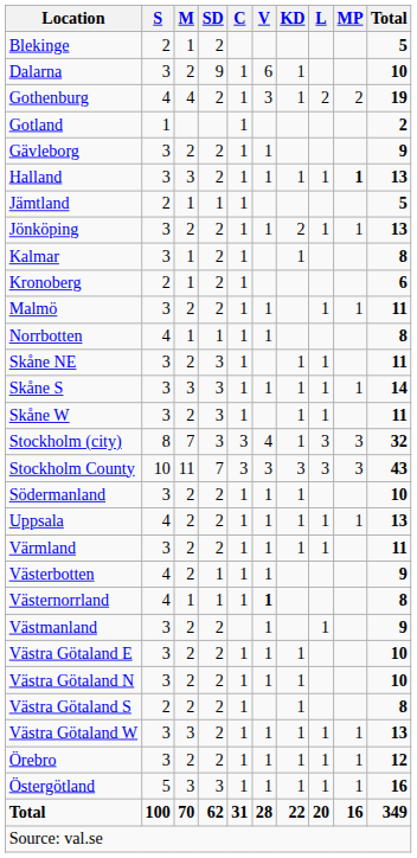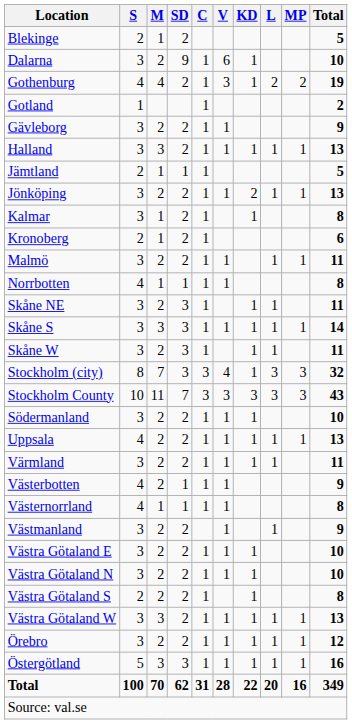 <table class="wikitable sortable" style=text-align:right>
 <tr>
 <th>Location</th>
 <th><a href='#'>S</a></th>
 <th><a href='#'>M</a></th>
 <th><a href='#'>SD</a></th>
 <th><a href='#'>C</a></th>
 <th><a href='#'>V</a></th>
 <th><a href='#'>KD</a></th>
 <th><a href='#'>L</a></th>
 <th><a href='#'>MP</a></th>
 <th>Total</th>
 </tr>
 <tr>
 <td align=left><a href='#'>Blekinge</a></td>
 <td>2</td>
 <td>1</td>
 <td>2</td>
 <td></td>
 <td></td>
 <td></td>
 <td></td>
 <td></td>
 <td><strong>5</strong></td>
 </tr>
 <tr>
 <td align=left><a href='#'>Dalarna</a></td>
 <td>3</td>
 <td>2</td>
 <td>9</td>
 <td>1</td>
 <td>6</td>
 <td>1</td>
 <td></td>
 <td></td>
 <td><strong>10</strong></td>
 </tr>
 <tr>
 <td align=left><a href='#'>Gothenburg</a></td>
 <td>4</td>
 <td>4</td>
 <td>2</td>
 <td>1</td>
 <td>3</td>
 <td>1</td>
 <td>2</td>
 <td>2</td>
 <td><strong>19</strong></td>
 </tr>
 <tr>
 <td align=left><a href='#'>Gotland</a></td>
 <td>1</td>
 <td></td>
 <td></td>
 <td>1</td>
 <td></td>
 <td></td>
 <td></td>
 <td></td>
 <td><strong>2</strong></td>
 </tr>
 <tr>
 <td align=left><a href='#'>Gävleborg</a></td>
 <td>3</td>
 <td>2</td>
 <td>2</td>
 <td>1</td>
 <td>1</td>
 <td></td>
 <td></td>
 <td></td>
 <td><strong>9</strong></td>
 </tr>
 <tr>
 <td align=left><a href='#'>Halland</a></td>
 <td>3</td>
 <td>3</td>
 <td>2</td>
 <td>1</td>
 <td>1</td>
 <td>1</td>
 <td>1</td>
-<td><strong>1</strong></td>
+<td>1</td>
 <td><strong>13</strong></td>
 </tr>
 <tr>
 <td align=left><a href='#'>Jämtland</a></td>
 <td>2</td>
 <td>1</td>
 <td>1</td>
 <td>1</td>
 <td></td>
 <td></td>
 <td></td>
 <td></td>
 <td><strong>5</strong></td>
 </tr>
 <tr>
 <td align=left><a href='#'>Jönköping</a></td>
 <td>3</td>
 <td>2</td>
 <td>2</td>
 <td>1</td>
 <td>1</td>
 <td>2</td>
 <td>1</td>
 <td>1</td>
 <td><strong>13</strong></td>
 </tr>
 <tr>
 <td align=left><a href='#'>Kalmar</a></td>
 <td>3</td>
 <td>1</td>
 <td>2</td>
 <td>1</td>
 <td></td>
 <td>1</td>
 <td></td>
 <td></td>
 <td><strong>8</strong></td>
 </tr>
 <tr>
 <td align=left><a href='#'>Kronoberg</a></td>
 <td>2</td>
 <td>1</td>
 <td>2</td>
 <td>1</td>
 <td></td>
 <td></td>
 <td></td>
 <td></td>
 <td><strong>6</strong></td>
 </tr>
 <tr>
 <td align=left><a href='#'>Malmö</a></td>
 <td>3</td>
 <td>2</td>
 <td>2</td>
 <td>1</td>
 <td>1</td>
 <td></td>
 <td>1</td>
 <td>1</td>
 <td><strong>11</strong></td>
 </tr>
 <tr>
 <td align=left><a href='#'>Norrbotten</a></td>
 <td>4</td>
 <td>1</td>
 <td>1</td>
 <td>1</td>
 <td>1</td>
 <td></td>
 <td></td>
 <td></td>
 <td><strong>8</strong></td>
 </tr>
 <tr>
 <td align=left><a href='#'>Skåne NE</a></td>
 <td>3</td>
 <td>2</td>
 <td>3</td>
 <td>1</td>
 <td></td>
 <td>1</td>
 <td>1</td>
 <td></td>
 <td><strong>11</strong></td>
 </tr>
 <tr>
 <td align=left><a href='#'>Skåne S</a></td>
 <td>3</td>
 <td>3</td>
 <td>3</td>
 <td>1</td>
 <td>1</td>
 <td>1</td>
 <td>1</td>
 <td>1</td>
 <td><strong>14</strong></td>
 </tr>
 <tr>
 <td align=left><a href='#'>Skåne W</a></td>
 <td>3</td>
 <td>2</td>
 <td>3</td>
 <td>1</td>
 <td></td>
 <td>1</td>
 <td>1</td>
 <td></td>
 <td><strong>11</strong></td>
 </tr>
 <tr>
 <td align=left><a href='#'>Stockholm (city)</a></td>
 <td>8</td>
 <td>7</td>
 <td>3</td>
 <td>3</td>
 <td>4</td>
 <td>1</td>
 <td>3</td>
 <td>3</td>
 <td><strong>32</strong></td>
 </tr>
 <tr>
 <td align=left><a href='#'>Stockholm County</a></td>
 <td>10</td>
 <td>11</td>
 <td>7</td>
 <td>3</td>
 <td>3</td>
 <td>3</td>
 <td>3</td>
 <td>3</td>
 <td><strong>43</strong></td>
 </tr>
 <tr>
 <td align=left><a href='#'>Södermanland</a></td>
 <td>3</td>
 <td>2</td>
 <td>2</td>
 <td>1</td>
 <td>1</td>
 <td>1</td>
 <td></td>
 <td></td>
 <td><strong>10</strong></td>
 </tr>
 <tr>
 <td align=left><a href='#'>Uppsala</a></td>
 <td>4</td>
 <td>2</td>
 <td>2</td>
 <td>1</td>
 <td>1</td>
 <td>1</td>
 <td>1</td>
 <td>1</td>
 <td><strong>13</strong></td>
 </tr>
 <tr>
 <td align=left><a href='#'>Värmland</a></td>
 <td>3</td>
 <td>2</td>
 <td>2</td>
 <td>1</td>
 <td>1</td>
 <td>1</td>
 <td>1</td>
 <td></td>
 <td><strong>11</strong></td>
 </tr>
 <tr>
 <td align=left><a href='#'>Västerbotten</a></td>
 <td>4</td>
 <td>2</td>
 <td>1</td>
 <td>1</td>
 <td>1</td>
 <td></td>
 <td></td>
 <td></td>
 <td><strong>9</strong></td>
 </tr>
 <tr>
 <td align=left><a href='#'>Västernorrland</a></td>
 <td>4</td>
 <td>1</td>
 <td>1</td>
 <td>1</td>
-<td><strong>1</strong></td>
+<td>1</td>
 <td></td>
 <td></td>
 <td></td>
 <td><strong>8</strong></td>
 </tr>
 <tr>
 <td align=left><a href='#'>Västmanland</a></td>
 <td>3</td>
 <td>2</td>
 <td>2</td>
 <td></td>
 <td>1</td>
 <td></td>
 <td>1</td>
 <td></td>
 <td><strong>9</strong></td>
 </tr>
 <tr>
 <td align=left><a href='#'>Västra Götaland E</a></td>
 <td>3</td>
 <td>2</td>
 <td>2</td>
 <td>1</td>
 <td>1</td>
 <td>1</td>
 <td></td>
 <td></td>
 <td><strong>10</strong></td>
 </tr>
 <tr>
 <td align=left><a href='#'>Västra Götaland N</a></td>
 <td>3</td>
 <td>2</td>
 <td>2</td>
 <td>1</td>
 <td>1</td>
 <td>1</td>
 <td></td>
 <td></td>
 <td><strong>10</strong></td>
 </tr>
 <tr>
 <td align=left><a href='#'>Västra Götaland S</a></td>
 <td>2</td>
 <td>2</td>
 <td>2</td>
 <td>1</td>
 <td></td>
 <td>1</td>
 <td></td>
 <td></td>
 <td><strong>8</strong></td>
 </tr>
 <tr>
 <td align=left><a href='#'>Västra Götaland W</a></td>
 <td>3</td>
 <td>3</td>
 <td>2</td>
 <td>1</td>
 <td>1</td>
 <td>1</td>
 <td>1</td>
 <td>1</td>
 <td><strong>13</strong></td>
 </tr>
 <tr>
 <td align=left><a href='#'>Örebro</a></td>
 <td>3</td>
 <td>2</td>
 <td>2</td>
 <td>1</td>
 <td>1</td>
 <td>1</td>
 <td>1</td>
 <td>1</td>
 <td><strong>12</strong></td>
 </tr>
 <tr>
 <td align=left><a href='#'>Östergötland</a></td>
 <td>5</td>
 <td>3</td>
 <td>3</td>
 <td>1</td>
 <td>1</td>
 <td>1</td>
 <td>1</td>
 <td>1</td>
 <td><strong>16</strong></td>
 </tr>
 <tr>
 <td align=left><strong>Total</strong></td>
 <td><strong>100</strong></td>
 <td><strong>70</strong></td>
 <td><strong>62</strong></td>
 <td><strong>31</strong></td>
 <td><strong>28</strong></td>
 <td><strong>22</strong></td>
 <td><strong>20</strong></td>
 <td><strong>16</strong></td>
 <td><strong>349</strong></td>
 </tr>
 <tr>
 <td align=left colspan=10>Source: val.se </td>
 </tr>
 </table>
